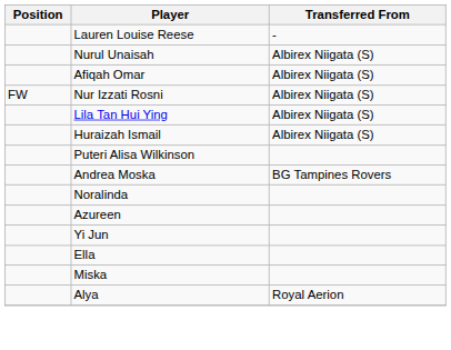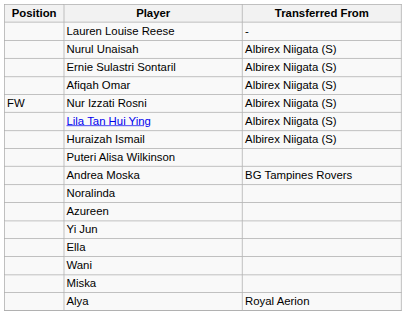 <table class="wikitable sortable" style="width:35em; text-align:center; font-size:100%; text-align:left;">
 <tr>
 <th style="width:15%;">Position</th>
 <th style="width:45%;">Player</th>
 <th style="width:40%;">Transferred From</th>
 </tr>
 <tr>
 <td></td>
 <td> Lauren Louise Reese</td>
 <td>-</td>
 </tr>
 <tr>
 <td></td>
 <td> Nurul Unaisah</td>
+<td> Albirex Niigata (S)</td>
+</tr>
+<tr>
+<td></td>
+<td> Ernie Sulastri Sontaril</td>
 <td> Albirex Niigata (S)</td>
 </tr>
 <tr>
 <td></td>
 <td> Afiqah Omar</td>
 <td> Albirex Niigata (S)</td>
 </tr>
 <tr>
 <td>FW</td>
 <td> Nur Izzati Rosni</td>
 <td> Albirex Niigata (S)</td>
 </tr>
 <tr>
 <td></td>
 <td> <a href='#'>Lila Tan Hui Ying</a></td>
 <td> Albirex Niigata (S)</td>
 </tr>
 <tr>
 <td></td>
 <td> Huraizah Ismail</td>
 <td> Albirex Niigata (S)</td>
 </tr>
 <tr>
 <td></td>
 <td> Puteri Alisa Wilkinson</td>
 <td> </td>
 </tr>
 <tr>
 <td></td>
 <td> Andrea Moska</td>
 <td> BG Tampines Rovers</td>
 </tr>
 <tr>
 <td></td>
 <td> Noralinda</td>
 <td></td>
 </tr>
 <tr>
 <td></td>
 <td> Azureen</td>
 <td></td>
 </tr>
 <tr>
 <td></td>
 <td> Yi Jun</td>
 <td></td>
 </tr>
 <tr>
 <td></td>
 <td> Ella</td>
 <td></td>
 </tr>
 <tr>
 <td></td>
+<td> Wani</td>
+<td></td>
+</tr>
+<tr>
+<td></td>
 <td> Miska</td>
 <td></td>
 </tr>
 <tr>
 <td></td>
 <td> Alya</td>
 <td> Royal Aerion</td>
 </tr>
 <tr>
 </tr>
 </table>
